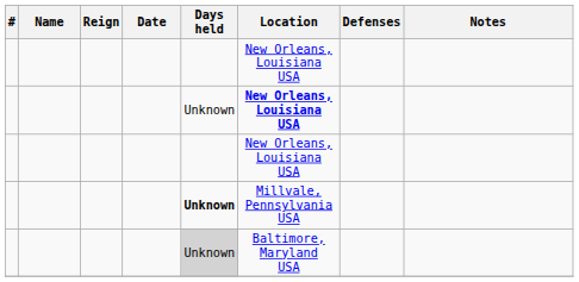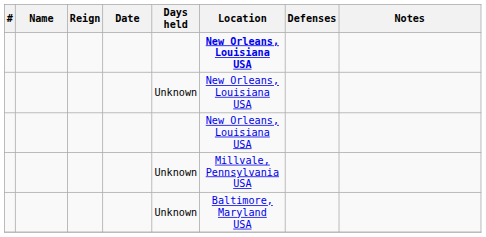 <table class="wikitable sortable" width=98% style="text-align:center;">
 <tr>
 <th width=0%>#</th>
 <th width=14%>Name</th>
 <th width=0%>Reign</th>
 <th width=13%>Date</th>
 <th width=5%>Days<br>held</th>
 <th width=19%>Location</th>
 <th width=5%>Defenses</th>
 <th width=44% class="unsortable">Notes</th>
 </tr>
 <tr>
 <td></td>
 <td></td>
 <td></td>
 <td></td>
 <td></td>
-<td><a href='#'>New Orleans, Louisiana</a><br><a href='#'>USA</a></td>
+<td><strong><a href='#'>New Orleans, Louisiana</a><br><a href='#'>USA</a></strong></td>
 <td></td>
 <td align=left></td>
 </tr>
 <tr>
 <td></td>
 <td></td>
 <td></td>
 <td></td>
 <td>Unknown</td>
-<td><strong><a href='#'>New Orleans, Louisiana</a><br><a href='#'>USA</a></strong></td>
+<td><a href='#'>New Orleans, Louisiana</a><br><a href='#'>USA</a></td>
 <td></td>
 <td align=left></td>
 </tr>
 <tr>
 <td></td>
 <td></td>
 <td></td>
 <td></td>
 <td></td>
 <td><a href='#'>New Orleans, Louisiana</a><br><a href='#'>USA</a></td>
 <td></td>
 <td align=left></td>
 </tr>
 <tr>
 <td></td>
 <td></td>
 <td></td>
 <td></td>
-<td><strong>Unknown</strong></td>
+<td>Unknown</td>
 <td><a href='#'>Millvale, Pennsylvania</a><br><a href='#'>USA</a></td>
 <td></td>
 <td align=left></td>
 </tr>
 <tr>
 <td></td>
 <td></td>
 <td></td>
 <td></td>
-<td style="background: lightgrey;">Unknown</td>
+<td>Unknown</td>
 <td><a href='#'>Baltimore, Maryland</a><br><a href='#'>USA</a></td>
 <td></td>
 <td align=left></td>
 </tr>
 <tr>
 </tr>
 </table>
